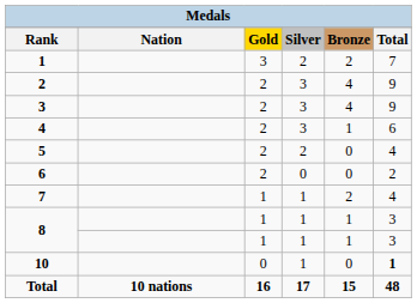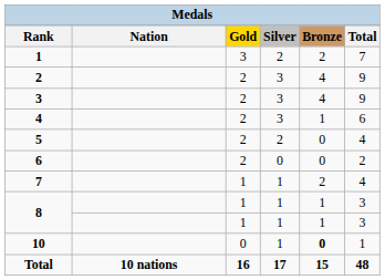 <table class=wikitable style=text-align:center>
 <tr>
 <td colspan=6 style="background:#BCD4E6"><strong>Medals</strong></td>
 </tr>
 <tr>
 </tr>
 <tr style="background-color:#EDEDED;">
 <th width=75px class="hintergrundfarbe5">Rank</th>
 <th width=180px class="hintergrundfarbe6">Nation</th>
 <th width=35px style="background:gold">Gold</th>
 <th width=35px style="background:silver">Silver</th>
 <th width=35px style="background:#CC9966">Bronze</th>
 <th width=35px>Total</th>
 </tr>
 <tr>
 <td><strong>1</strong></td>
 <td align=left></td>
 <td>3</td>
 <td>2</td>
 <td>2</td>
 <td>7</td>
 </tr>
 <tr>
 <td><strong>2</strong></td>
 <td align=left></td>
 <td>2</td>
 <td>3</td>
 <td>4</td>
 <td>9</td>
 </tr>
 <tr>
 <td><strong>3</strong></td>
 <td align=left></td>
 <td>2</td>
 <td>3</td>
 <td>4</td>
 <td>9</td>
 </tr>
 <tr>
 <td><strong>4</strong></td>
 <td align=left></td>
 <td>2</td>
 <td>3</td>
 <td>1</td>
 <td>6</td>
 </tr>
 <tr>
 <td><strong>5</strong></td>
 <td align=left></td>
 <td>2</td>
 <td>2</td>
 <td>0</td>
 <td>4</td>
 </tr>
 <tr>
 <td><strong>6</strong></td>
 <td align=left></td>
 <td>2</td>
 <td>0</td>
 <td>0</td>
 <td>2</td>
 </tr>
 <tr>
 <td><strong>7</strong></td>
 <td align=left></td>
 <td>1</td>
 <td>1</td>
 <td>2</td>
 <td>4</td>
 </tr>
 <tr>
 <td rowspan="2"><strong>8</strong></td>
 <td align=left></td>
 <td>1</td>
 <td>1</td>
 <td>1</td>
 <td>3</td>
 </tr>
 <tr>
 <td align="left"></td>
 <td>1</td>
 <td>1</td>
 <td>1</td>
 <td>3</td>
 </tr>
 <tr>
 <td><strong>10</strong></td>
 <td align=left></td>
 <td>0</td>
 <td>1</td>
-<td>0</td>
-<td><strong>1</strong></td>
+<td><strong>0</strong></td>
+<td>1</td>
 </tr>
 <tr>
 <td><strong>Total</strong></td>
 <td><strong>10 nations</strong></td>
 <td><strong>16</strong></td>
 <td><strong>17</strong></td>
 <td><strong>15</strong></td>
 <td><strong>48</strong></td>
 </tr>
 </table>
